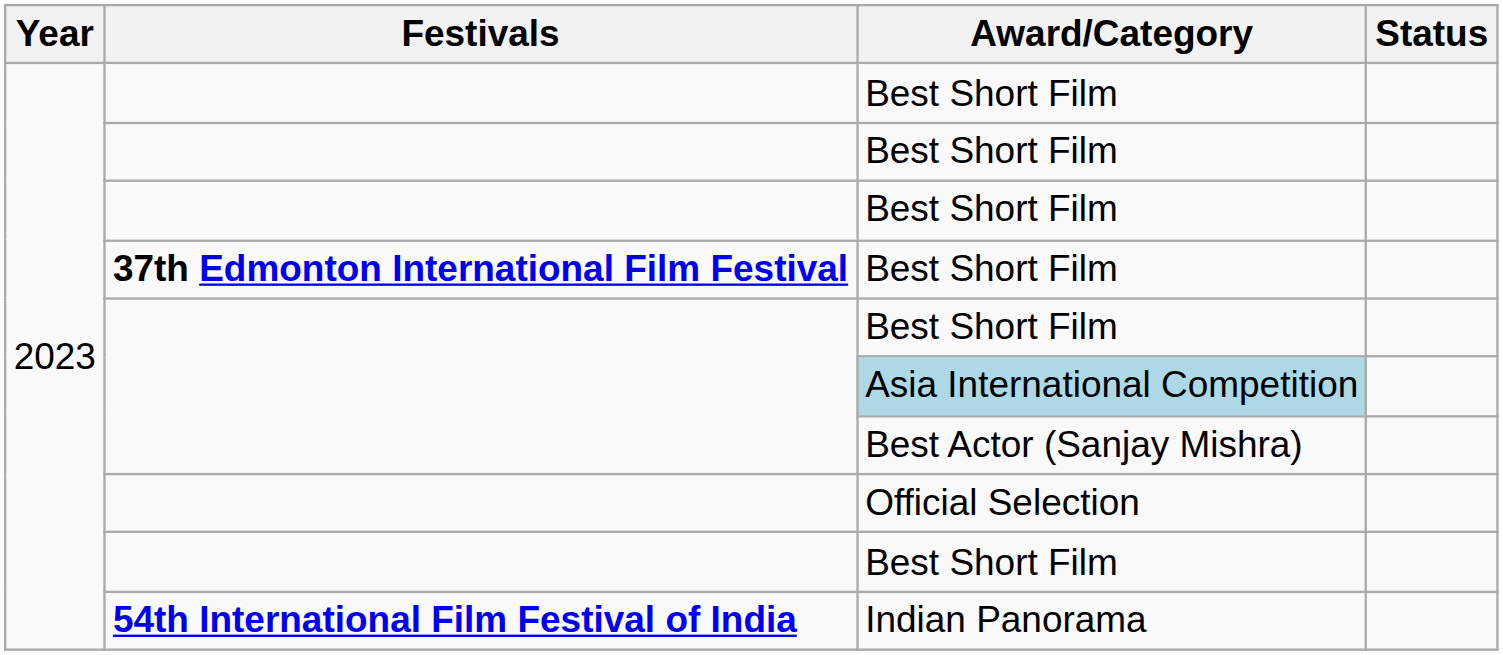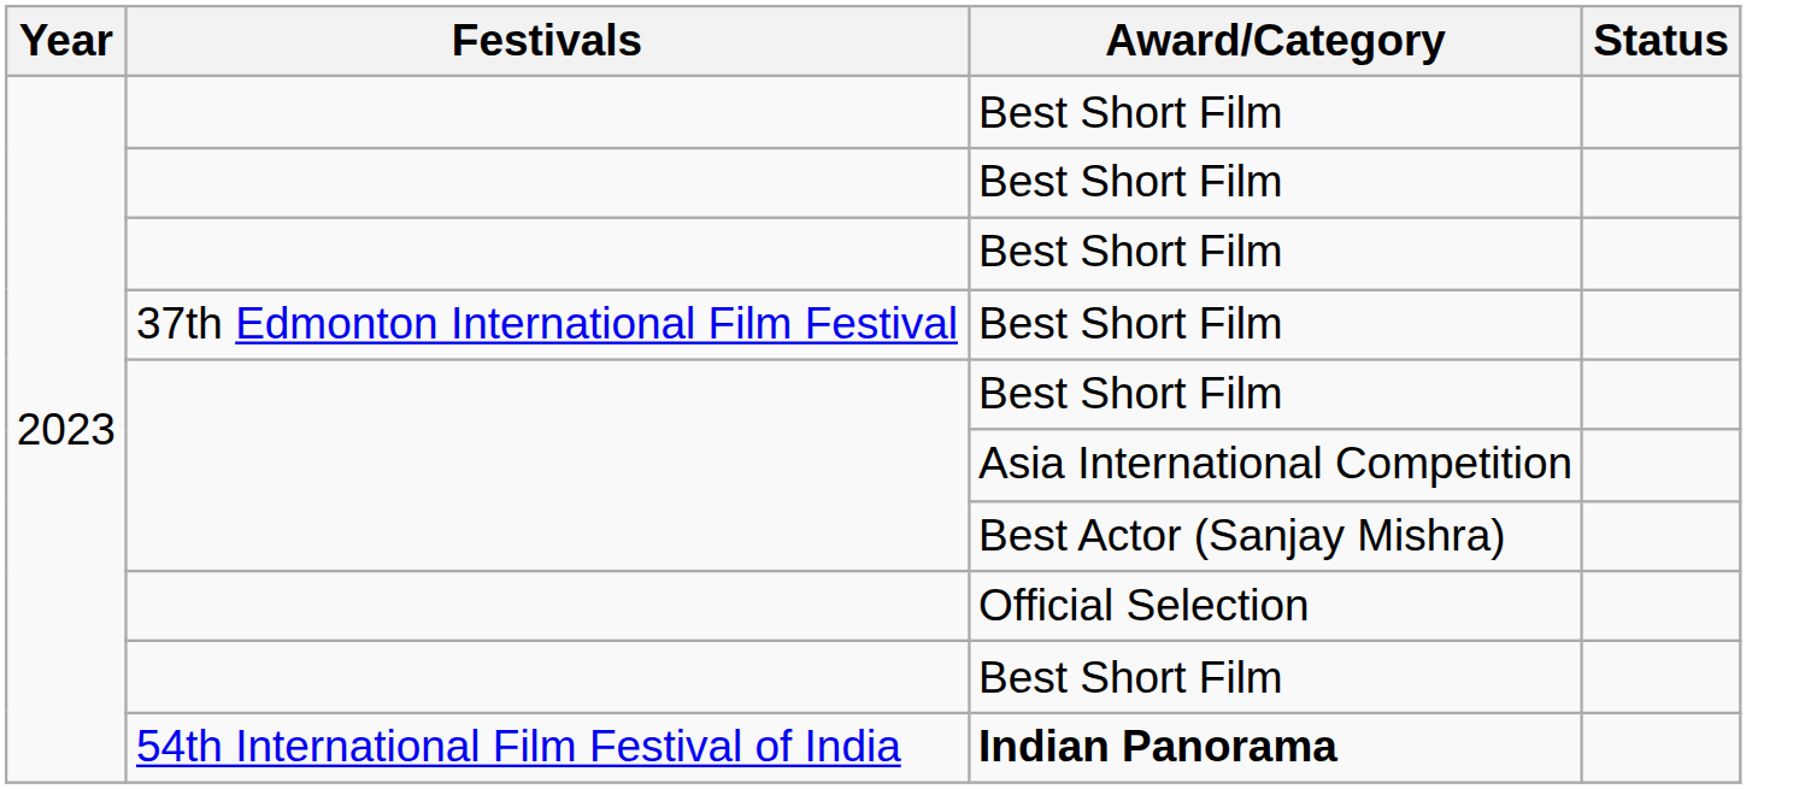 <table class="wikitable">
 <tr>
 <th>Year</th>
 <th>Festivals</th>
 <th>Award/Category</th>
 <th>Status</th>
 </tr>
 <tr>
 <td rowspan="10">2023</td>
 <td></td>
 <td>Best Short Film</td>
 <td></td>
 </tr>
 <tr>
 <td></td>
 <td>Best Short Film</td>
 <td></td>
 </tr>
 <tr>
 <td></td>
 <td>Best Short Film</td>
 <td></td>
 </tr>
 <tr>
-<td><strong>37th <a href='#'>Edmonton International Film Festival</a></strong></td>
+<td>37th <a href='#'>Edmonton International Film Festival</a></td>
 <td>Best Short Film</td>
 <td></td>
 </tr>
 <tr>
 <td rowspan="3"></td>
 <td>Best Short Film</td>
 <td></td>
 </tr>
 <tr>
-<td style="background: lightblue;">Asia International Competition</td>
+<td>Asia International Competition</td>
 <td></td>
 </tr>
 <tr>
 <td>Best Actor (Sanjay Mishra)</td>
 <td></td>
 </tr>
 <tr>
 <td></td>
 <td>Official Selection</td>
 <td></td>
 </tr>
 <tr>
 <td></td>
 <td>Best Short Film</td>
 <td></td>
 </tr>
 <tr>
-<td><strong><a href='#'>54th International Film Festival of India</a></strong></td>
-<td>Indian Panorama</td>
+<td><a href='#'>54th International Film Festival of India</a></td>
+<td><strong>Indian Panorama</strong></td>
 <td></td>
 </tr>
 </table>
